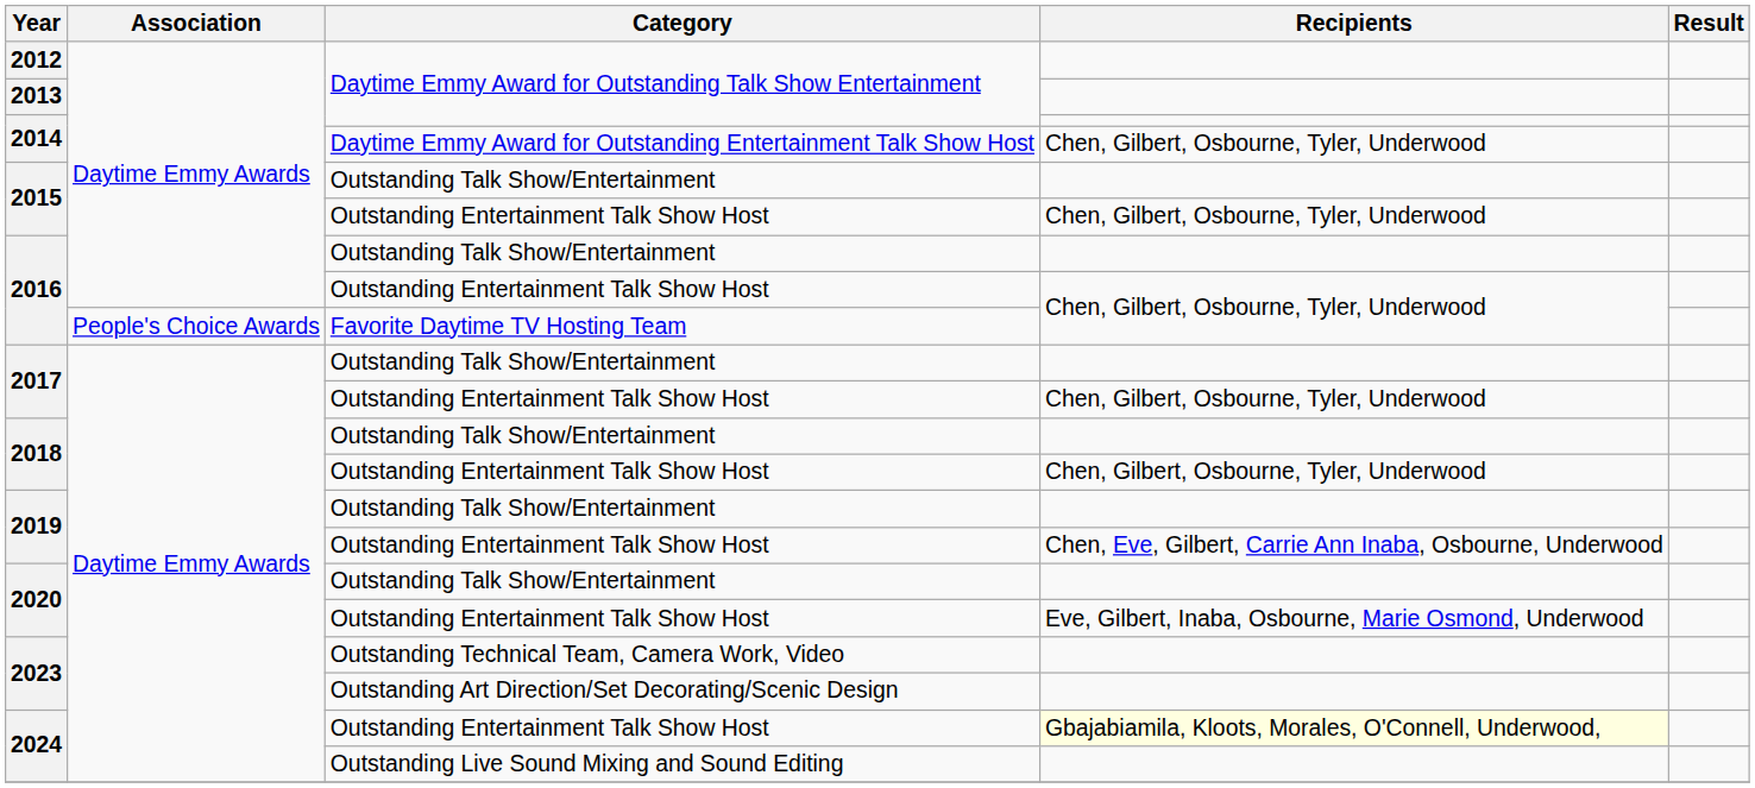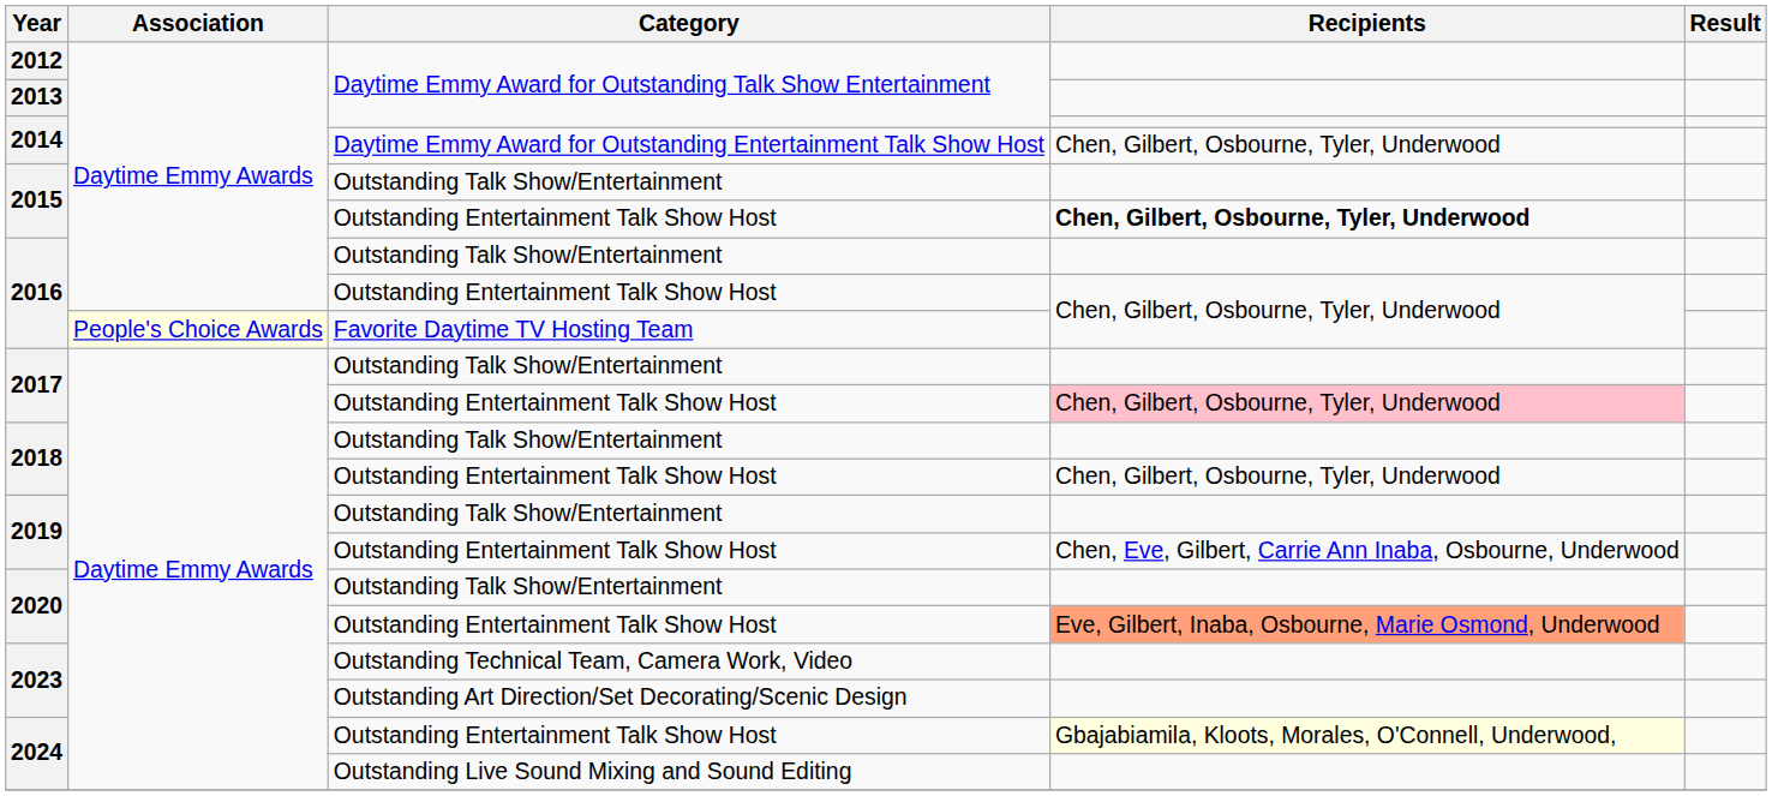 <table class="wikitable">
 <tr>
 <th>Year</th>
 <th>Association</th>
 <th>Category</th>
 <th>Recipients</th>
 <th>Result</th>
 </tr>
 <tr>
 <th>2012</th>
 <td rowspan=8><a href='#'>Daytime Emmy Awards</a></td>
 <td rowspan=3><a href='#'>Daytime Emmy Award for Outstanding Talk Show Entertainment</a></td>
 <td></td>
 <td></td>
 </tr>
 <tr>
 <th>2013</th>
 <td></td>
 <td></td>
 </tr>
 <tr>
 <th rowspan=2>2014</th>
 <td></td>
 <td></td>
 </tr>
 <tr>
 <td><a href='#'>Daytime Emmy Award for Outstanding Entertainment Talk Show Host</a></td>
 <td>Chen, Gilbert, Osbourne, Tyler, Underwood</td>
 <td></td>
 </tr>
 <tr>
 <th rowspan=2>2015</th>
 <td>Outstanding Talk Show/Entertainment</td>
 <td></td>
 <td></td>
 </tr>
 <tr>
 <td>Outstanding Entertainment Talk Show Host</td>
-<td>Chen, Gilbert, Osbourne, Tyler, Underwood</td>
+<td><strong>Chen, Gilbert, Osbourne, Tyler, Underwood</strong></td>
 <td></td>
 </tr>
 <tr>
 <th rowspan=3>2016</th>
 <td>Outstanding Talk Show/Entertainment</td>
 <td></td>
 <td></td>
 </tr>
 <tr>
 <td>Outstanding Entertainment Talk Show Host</td>
 <td rowspan=2>Chen, Gilbert, Osbourne, Tyler, Underwood</td>
 <td></td>
 </tr>
 <tr>
-<td><a href='#'>People's Choice Awards</a></td>
+<td style="background: lightyellow;"><a href='#'>People's Choice Awards</a></td>
 <td><a href='#'>Favorite Daytime TV Hosting Team</a></td>
 <td></td>
 </tr>
 <tr>
 <th rowspan=2>2017</th>
 <td rowspan=12><a href='#'>Daytime Emmy Awards</a></td>
 <td>Outstanding Talk Show/Entertainment</td>
 <td></td>
 <td></td>
 </tr>
 <tr>
 <td>Outstanding Entertainment Talk Show Host</td>
-<td>Chen, Gilbert, Osbourne, Tyler, Underwood</td>
+<td style="background: pink;">Chen, Gilbert, Osbourne, Tyler, Underwood</td>
 <td></td>
 </tr>
 <tr>
 <th rowspan=2>2018</th>
 <td>Outstanding Talk Show/Entertainment</td>
 <td></td>
 <td></td>
 </tr>
 <tr>
 <td>Outstanding Entertainment Talk Show Host</td>
 <td>Chen, Gilbert, Osbourne, Tyler, Underwood</td>
 <td></td>
 </tr>
 <tr>
 <th rowspan=2>2019</th>
 <td>Outstanding Talk Show/Entertainment</td>
 <td></td>
 <td></td>
 </tr>
 <tr>
 <td>Outstanding Entertainment Talk Show Host</td>
 <td>Chen, <a href='#'>Eve</a>, Gilbert, <a href='#'>Carrie Ann Inaba</a>, Osbourne, Underwood</td>
 <td></td>
 </tr>
 <tr>
 <th rowspan="2">2020</th>
 <td>Outstanding Talk Show/Entertainment</td>
 <td></td>
 <td></td>
 </tr>
 <tr>
 <td>Outstanding Entertainment Talk Show Host</td>
-<td>Eve, Gilbert, Inaba, Osbourne, <a href='#'>Marie Osmond</a>, Underwood</td>
+<td style="background: lightsalmon;">Eve, Gilbert, Inaba, Osbourne, <a href='#'>Marie Osmond</a>, Underwood</td>
 <td></td>
 </tr>
 <tr>
 <th rowspan="2">2023</th>
 <td>Outstanding Technical Team, Camera Work, Video</td>
 <td></td>
 <td></td>
 </tr>
 <tr>
 <td>Outstanding Art Direction/Set Decorating/Scenic Design</td>
 <td></td>
 <td></td>
 </tr>
 <tr>
 <th rowspan="2">2024</th>
 <td>Outstanding Entertainment Talk Show Host</td>
 <td style="background: lightyellow;">Gbajabiamila, Kloots, Morales, O'Connell, Underwood,</td>
 <td></td>
 </tr>
 <tr>
 <td>Outstanding Live Sound Mixing and Sound Editing</td>
 <td></td>
 <td></td>
 </tr>
 <tr>
 </tr>
 </table>
